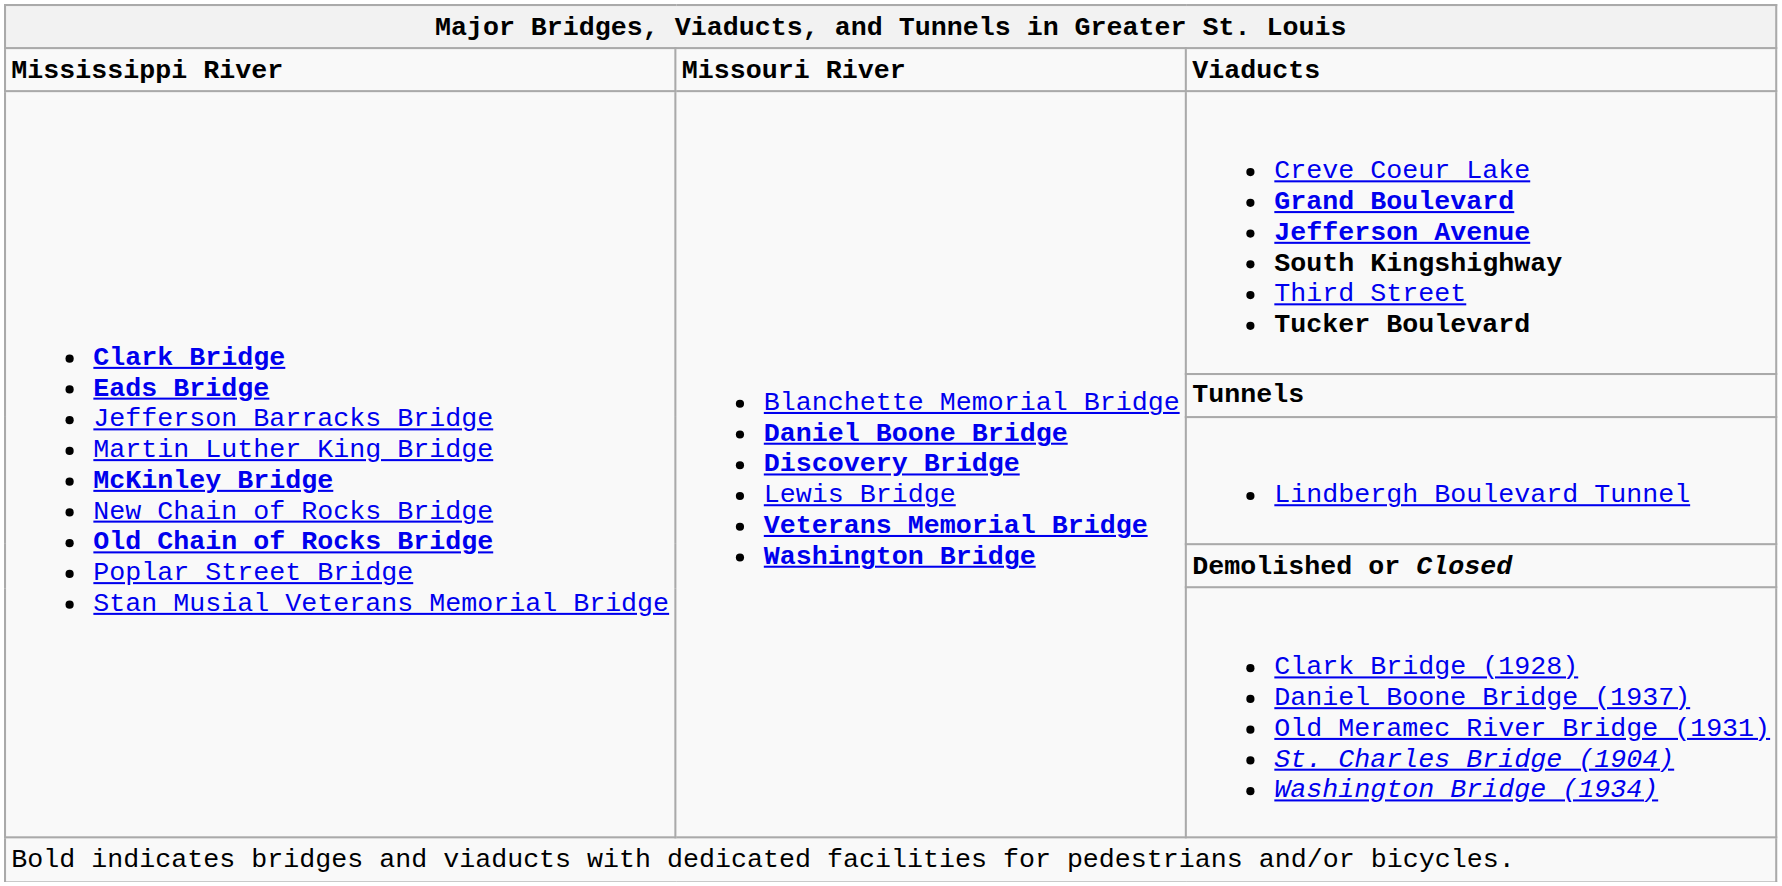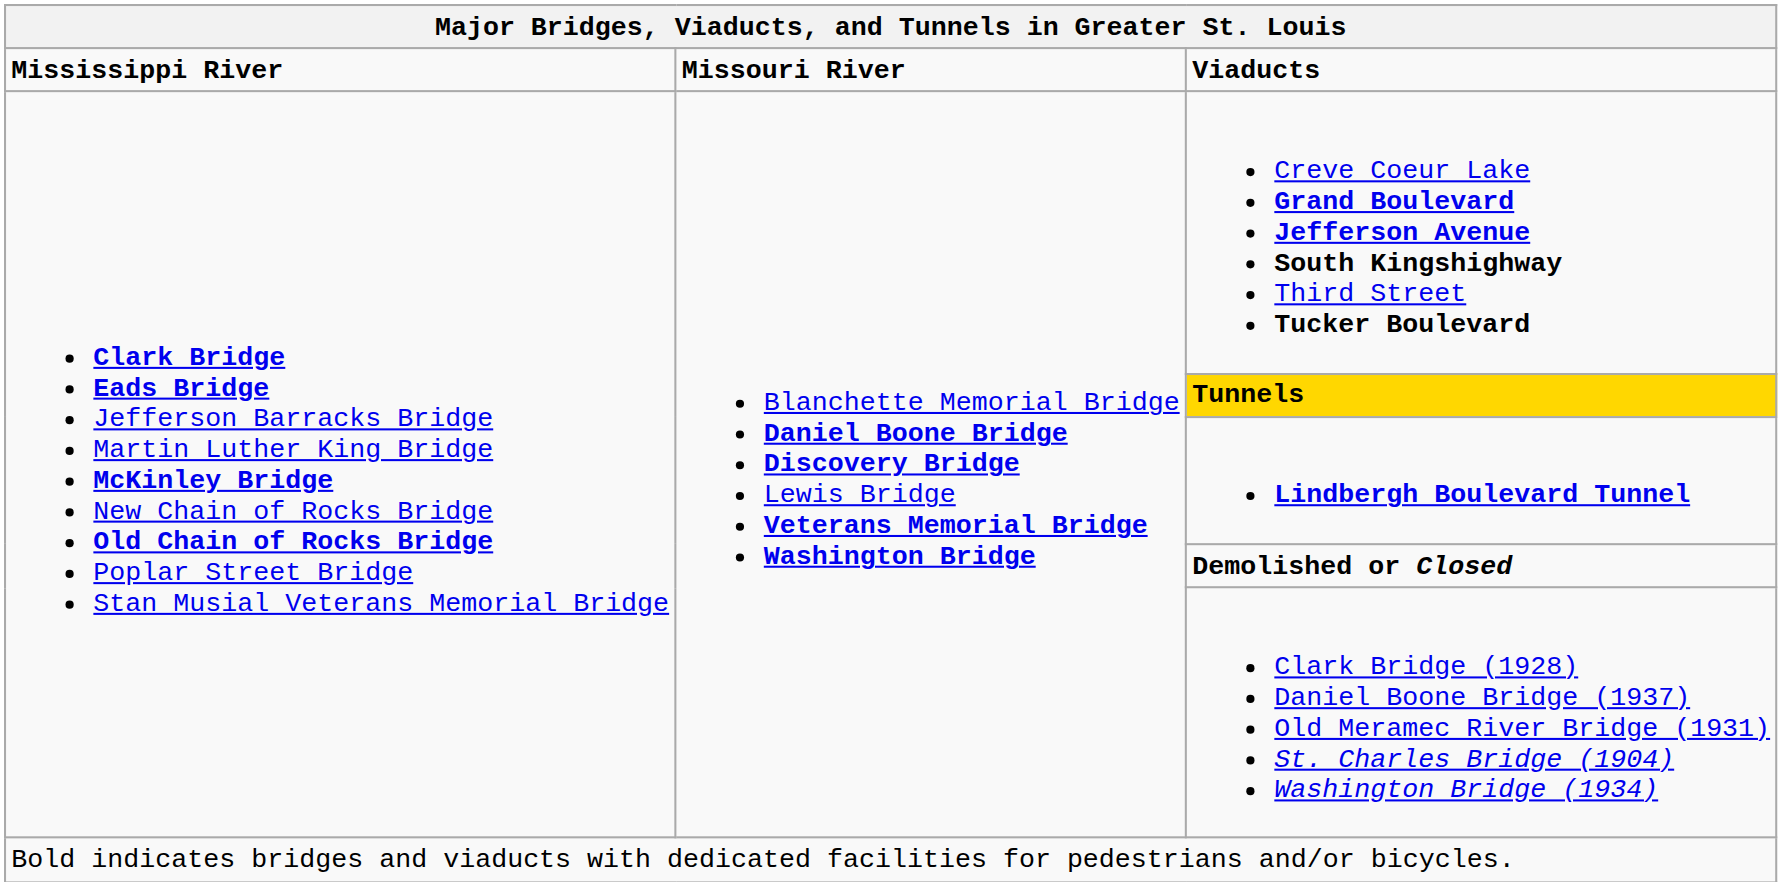 <table class="wikitable">
 <tr>
 <th colspan="3">Major Bridges, Viaducts, and Tunnels in Greater St. Louis</th>
 </tr>
 <tr>
 <td><strong>Mississippi River</strong></td>
 <td><strong>Missouri River</strong></td>
 <td><strong>Viaducts</strong></td>
 </tr>
 <tr>
 <td rowspan="5"><br><ul><li><strong><a href='#'>Clark Bridge</a></strong></li><li><strong><a href='#'>Eads Bridge</a></strong></li><li><a href='#'>Jefferson Barracks Bridge</a></li><li><a href='#'>Martin Luther King Bridge</a></li><li><strong><a href='#'>McKinley Bridge</a></strong></li><li><a href='#'>New Chain of Rocks Bridge</a></li><li><a href='#'><strong>Old Chain of Rocks Bridge</strong></a></li><li><a href='#'>Poplar Street Bridge</a></li><li><a href='#'>Stan Musial Veterans Memorial Bridge</a></li></ul></td>
 <td rowspan="5"><br><ul><li><a href='#'>Blanchette Memorial Bridge</a></li><li><strong><a href='#'>Daniel Boone Bridge</a></strong></li><li><a href='#'><strong>Discovery Bridge</strong></a></li><li><a href='#'>Lewis Bridge</a></li><li><a href='#'><strong>Veterans Memorial Bridge</strong></a></li><li><a href='#'><strong>Washington Bridge</strong></a></li></ul></td>
 <td><br><ul><li><a href='#'>Creve Coeur Lake</a></li><li><a href='#'><strong>Grand Boulevard</strong></a></li><li><a href='#'><strong>Jefferson Avenue</strong></a></li><li><strong>South Kingshighway</strong></li><li><a href='#'>Third Street</a></li><li><strong>Tucker Boulevard</strong></li></ul></td>
 </tr>
 <tr>
-<td><strong>Tunnels</strong></td>
+<td style="background: gold;"><strong>Tunnels</strong></td>
 </tr>
 <tr>
-<td><br><ul><li><a href='#'>Lindbergh Boulevard Tunnel</a></li></ul></td>
+<td><strong><br><ul><li><a href='#'>Lindbergh Boulevard Tunnel</a></li></ul></strong></td>
 </tr>
 <tr>
 <td><strong>Demolished or <em>Closed<strong><em></td>
 </tr>
 <tr>
 <td><br><ul><li><a href='#'>Clark Bridge (1928)</a></li><li><a href='#'>Daniel Boone Bridge (1937)</a></li><li></em><a href='#'>Old Meramec River Bridge (1931)</a><em></li><li><a href='#'>St. Charles Bridge (1904)</a></li><li><a href='#'>Washington Bridge (1934)</a></li></ul></td>
 </tr>
 <tr>
 <td colspan="3"></strong>Bold indicates bridges and viaducts with dedicated facilities for pedestrians and/or bicycles.<strong></td>
 </tr>
 </table>
